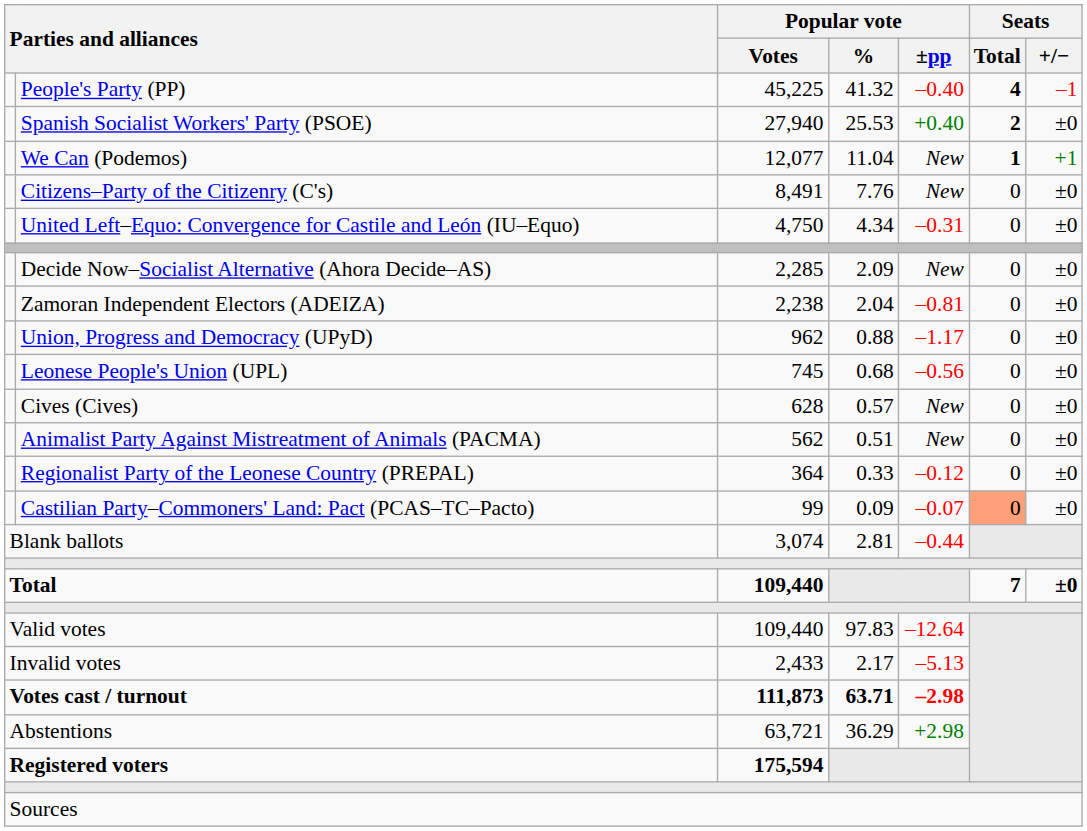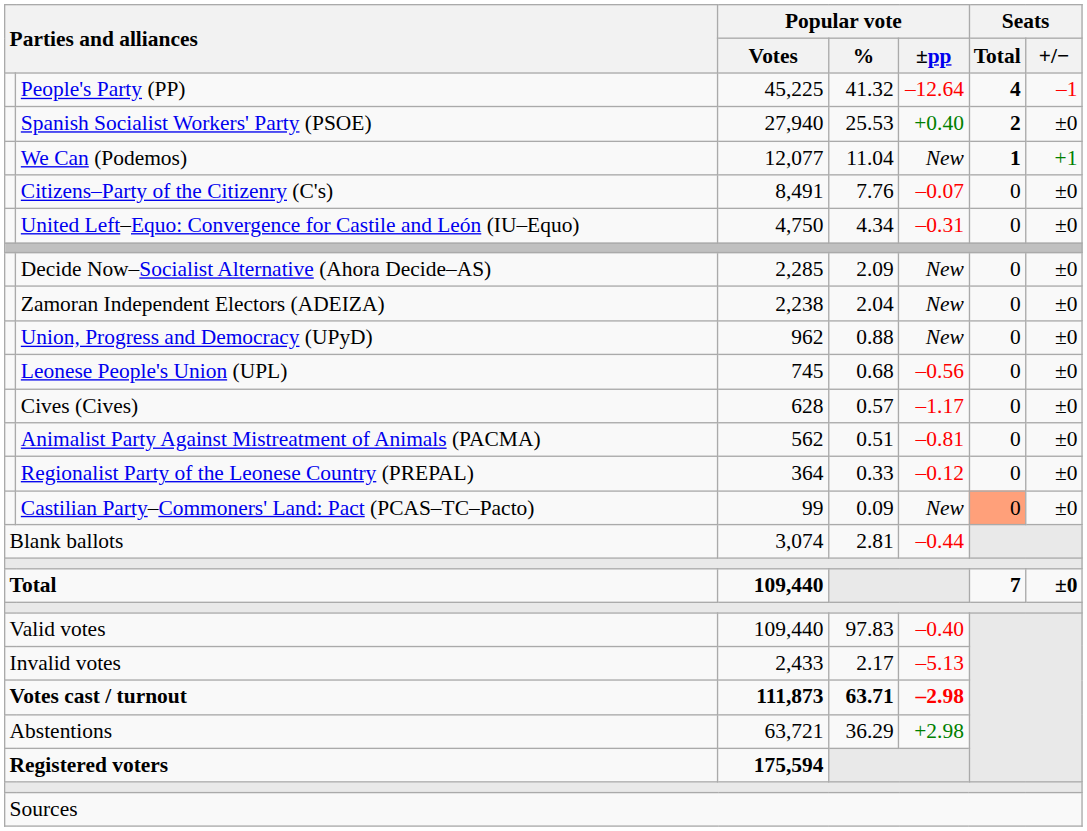 <table class="wikitable" style="text-align:right;">
 <tr>
 <th style="text-align:left;" rowspan="2" colspan="2" width="525">Parties and alliances</th>
 <th colspan="3">Popular vote</th>
 <th colspan="2">Seats</th>
 </tr>
 <tr>
 <th width="75">Votes</th>
 <th width="45">%</th>
 <th width="45">±<a href='#'>pp</a></th>
 <th width="35">Total</th>
 <th width="35">+/−</th>
 </tr>
 <tr>
 <td width="1" style="color:inherit;background:"></td>
 <td align="left"><a href='#'>People's Party</a> (PP)</td>
 <td>45,225</td>
 <td>41.32</td>
-<td style="color:red;">–0.40</td>
+<td style="color:red;">–12.64</td>
 <td><strong>4</strong></td>
 <td style="color:red;">–1</td>
 </tr>
 <tr>
 <td style="color:inherit;background:"></td>
 <td align="left"><a href='#'>Spanish Socialist Workers' Party</a> (PSOE)</td>
 <td>27,940</td>
 <td>25.53</td>
 <td style="color:green;">+0.40</td>
 <td><strong>2</strong></td>
 <td>±0</td>
 </tr>
 <tr>
 <td style="color:inherit;background:"></td>
 <td align="left"><a href='#'>We Can</a> (Podemos)</td>
 <td>12,077</td>
 <td>11.04</td>
 <td><em>New</em></td>
 <td><strong>1</strong></td>
 <td style="color:green;">+1</td>
 </tr>
 <tr>
 <td style="color:inherit;background:"></td>
 <td align="left"><a href='#'>Citizens–Party of the Citizenry</a> (C's)</td>
 <td>8,491</td>
 <td>7.76</td>
-<td><em>New</em></td>
+<td style="color:red;">–0.07</td>
 <td>0</td>
 <td>±0</td>
 </tr>
 <tr>
 <td style="color:inherit;background:"></td>
 <td align="left"><a href='#'>United Left</a>–<a href='#'>Equo: Convergence for Castile and León</a> (IU–Equo)</td>
 <td>4,750</td>
 <td>4.34</td>
 <td style="color:red;">–0.31</td>
 <td>0</td>
 <td>±0</td>
 </tr>
 <tr>
 <td colspan="7" bgcolor="#C0C0C0"></td>
 </tr>
 <tr>
 <td style="color:inherit;background:"></td>
 <td align="left">Decide Now–<a href='#'>Socialist Alternative</a> (Ahora Decide–AS)</td>
 <td>2,285</td>
 <td>2.09</td>
 <td><em>New</em></td>
 <td>0</td>
 <td>±0</td>
 </tr>
 <tr>
 <td style="color:inherit;background:"></td>
 <td align="left">Zamoran Independent Electors (ADEIZA)</td>
 <td>2,238</td>
 <td>2.04</td>
-<td style="color:red;">–0.81</td>
+<td><em>New</em></td>
 <td>0</td>
 <td>±0</td>
 </tr>
 <tr>
 <td style="color:inherit;background:"></td>
 <td align="left"><a href='#'>Union, Progress and Democracy</a> (UPyD)</td>
 <td>962</td>
 <td>0.88</td>
-<td style="color:red;">–1.17</td>
+<td><em>New</em></td>
 <td>0</td>
 <td>±0</td>
 </tr>
 <tr>
 <td style="color:inherit;background:"></td>
 <td align="left"><a href='#'>Leonese People's Union</a> (UPL)</td>
 <td>745</td>
 <td>0.68</td>
 <td style="color:red;">–0.56</td>
 <td>0</td>
 <td>±0</td>
 </tr>
 <tr>
 <td style="color:inherit;background:"></td>
 <td align="left">Cives (Cives)</td>
 <td>628</td>
 <td>0.57</td>
-<td><em>New</em></td>
+<td style="color:red;">–1.17</td>
 <td>0</td>
 <td>±0</td>
 </tr>
 <tr>
 <td style="color:inherit;background:"></td>
 <td align="left"><a href='#'>Animalist Party Against Mistreatment of Animals</a> (PACMA)</td>
 <td>562</td>
 <td>0.51</td>
-<td><em>New</em></td>
+<td style="color:red;">–0.81</td>
 <td>0</td>
 <td>±0</td>
 </tr>
 <tr>
 <td style="color:inherit;background:"></td>
 <td align="left"><a href='#'>Regionalist Party of the Leonese Country</a> (PREPAL)</td>
 <td>364</td>
 <td>0.33</td>
 <td style="color:red;">–0.12</td>
 <td>0</td>
 <td>±0</td>
 </tr>
 <tr>
 <td style="color:inherit;background:"></td>
 <td align="left"><a href='#'>Castilian Party</a>–<a href='#'>Commoners' Land: Pact</a> (PCAS–TC–Pacto)</td>
 <td>99</td>
 <td>0.09</td>
-<td style="color:red;">–0.07</td>
+<td><em>New</em></td>
 <td style="background: lightsalmon;">0</td>
 <td>±0</td>
 </tr>
 <tr>
 <td align="left" colspan="2">Blank ballots</td>
 <td>3,074</td>
 <td>2.81</td>
 <td style="color:red;">–0.44</td>
 <td bgcolor="#E9E9E9" colspan="2"></td>
 </tr>
 <tr>
 <td colspan="7" bgcolor="#E9E9E9"></td>
 </tr>
 <tr style="font-weight:bold;">
 <td align="left" colspan="2">Total</td>
 <td>109,440</td>
 <td bgcolor="#E9E9E9" colspan="2"></td>
 <td>7</td>
 <td>±0</td>
 </tr>
 <tr>
 <td colspan="7" bgcolor="#E9E9E9"></td>
 </tr>
 <tr>
 <td align="left" colspan="2">Valid votes</td>
 <td>109,440</td>
 <td>97.83</td>
-<td style="color:red;">–12.64</td>
+<td style="color:red;">–0.40</td>
 <td bgcolor="#E9E9E9" colspan="2" rowspan="5"></td>
 </tr>
 <tr>
 <td align="left" colspan="2">Invalid votes</td>
 <td>2,433</td>
 <td>2.17</td>
 <td style="color:red;">–5.13</td>
 </tr>
 <tr style="font-weight:bold;">
 <td align="left" colspan="2">Votes cast / turnout</td>
 <td>111,873</td>
 <td>63.71</td>
 <td style="color:red;">–2.98</td>
 </tr>
 <tr>
 <td align="left" colspan="2">Abstentions</td>
 <td>63,721</td>
 <td>36.29</td>
 <td style="color:green;">+2.98</td>
 </tr>
 <tr style="font-weight:bold;">
 <td align="left" colspan="2">Registered voters</td>
 <td>175,594</td>
 <td bgcolor="#E9E9E9" colspan="2"></td>
 </tr>
 <tr>
 <td colspan="7" bgcolor="#E9E9E9"></td>
 </tr>
 <tr>
 <td align="left" colspan="7">Sources</td>
 </tr>
 </table>
